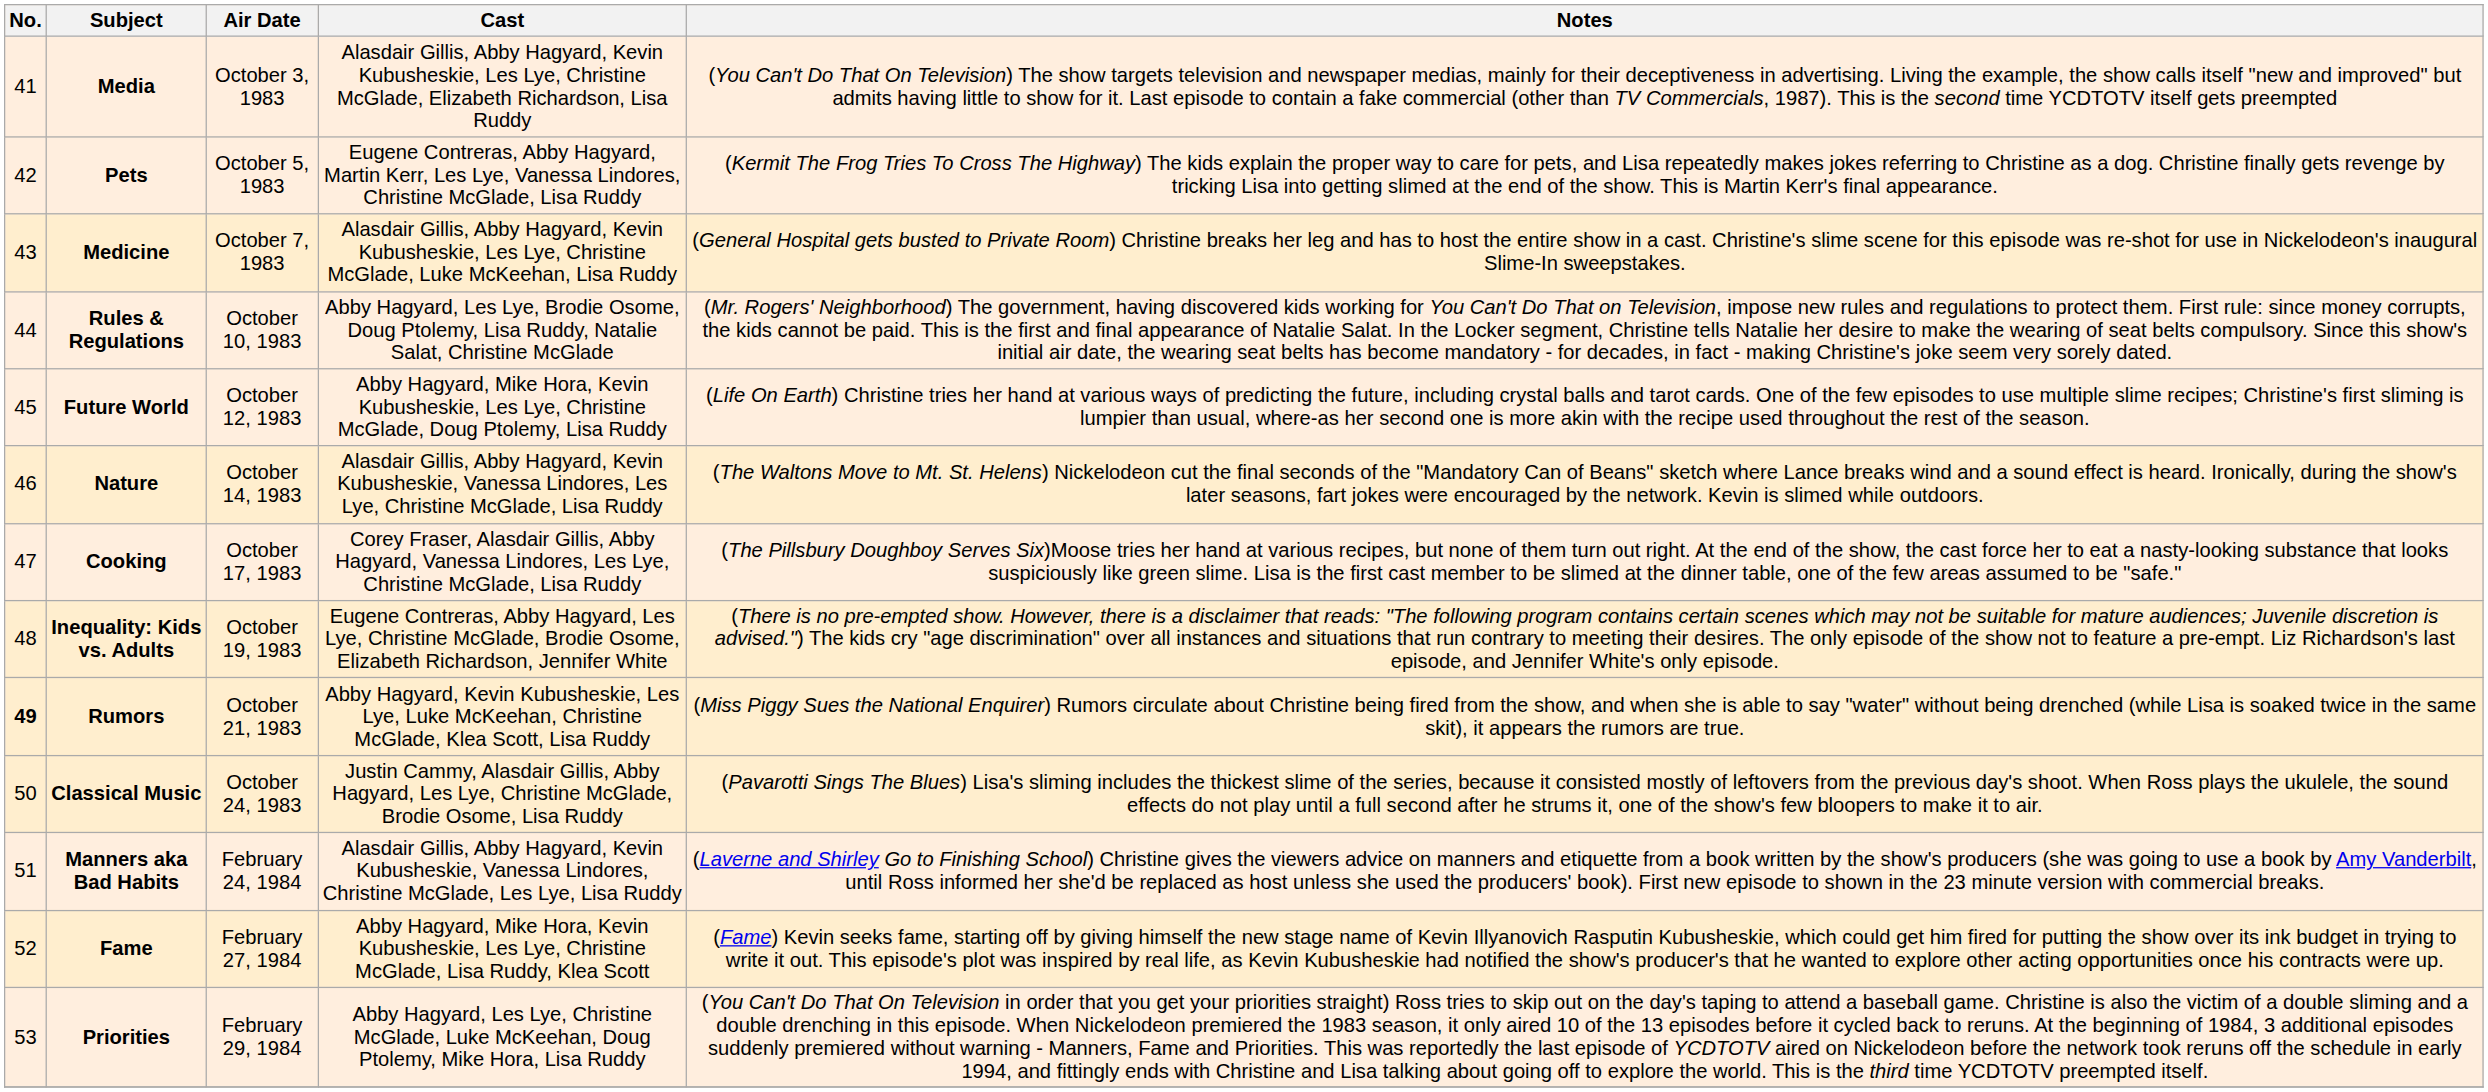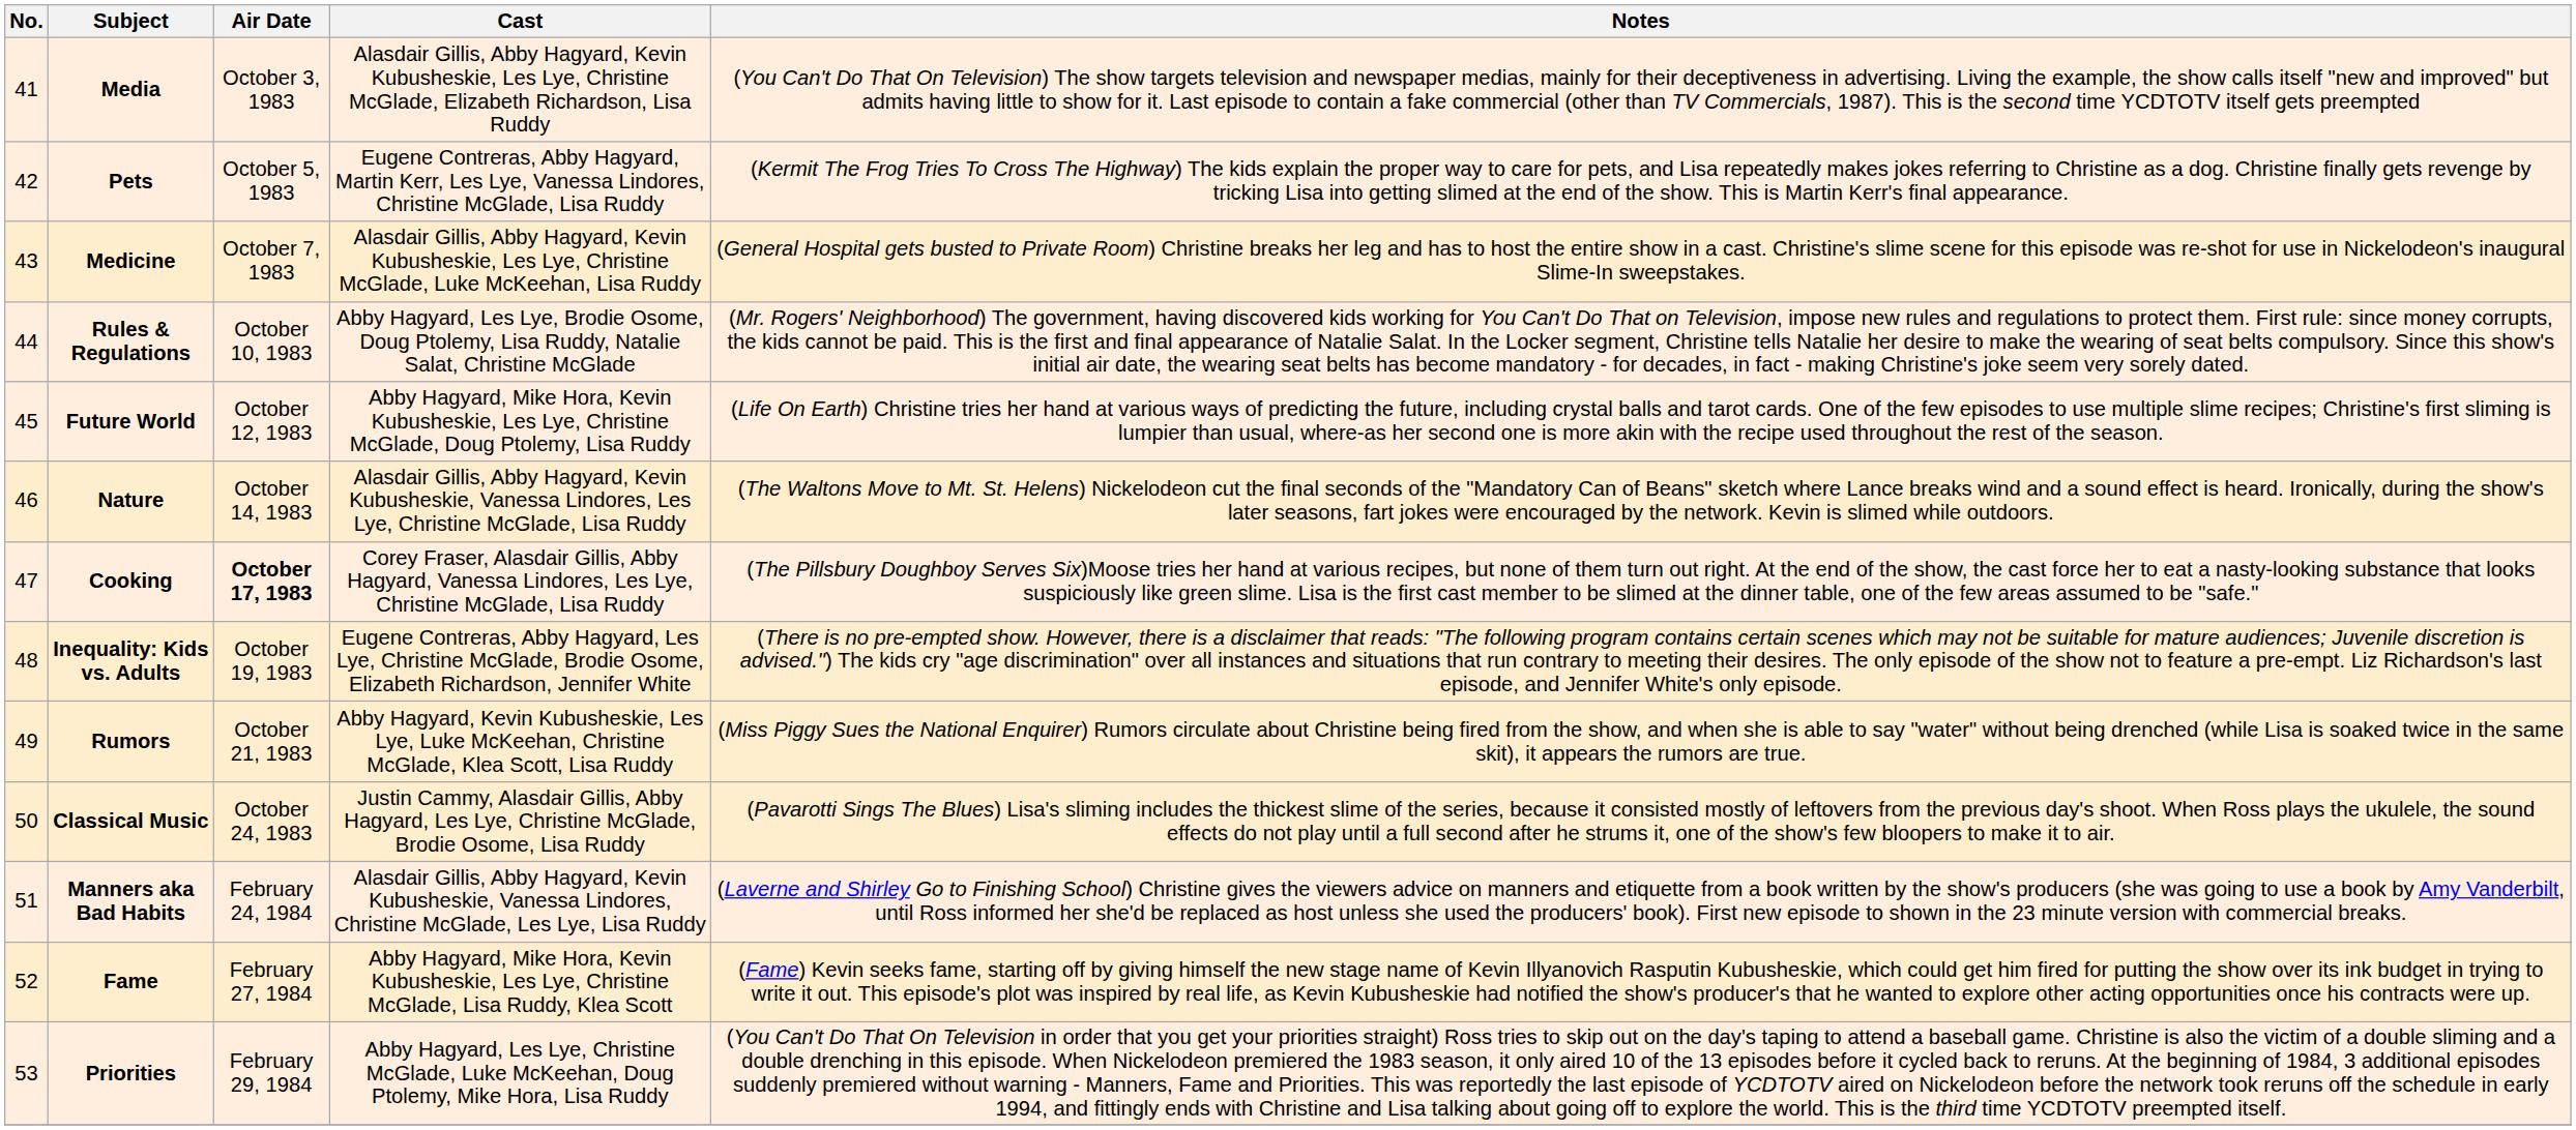 <table class="wikitable" style="text-align:center; background:#FFEEDE">
 <tr>
 <th>No.</th>
 <th>Subject</th>
 <th>Air Date</th>
 <th>Cast</th>
 <th>Notes</th>
 </tr>
 <tr>
 <td>41</td>
 <td><strong>Media</strong></td>
 <td>October 3, 1983</td>
 <td>Alasdair Gillis, Abby Hagyard, Kevin Kubusheskie, Les Lye, Christine McGlade, Elizabeth Richardson, Lisa Ruddy</td>
 <td>(<em>You Can't Do That On Television</em>) The show targets television and newspaper medias, mainly for their deceptiveness in advertising. Living the example, the show calls itself "new and improved" but admits having little to show for it. Last episode to contain a fake commercial (other than <em>TV Commercials</em>, 1987). This is the <em>second</em> time YCDTOTV itself gets preempted</td>
 </tr>
 <tr>
 <td>42</td>
 <td><strong>Pets</strong></td>
 <td>October 5, 1983</td>
 <td>Eugene Contreras, Abby Hagyard, Martin Kerr, Les Lye, Vanessa Lindores, Christine McGlade, Lisa Ruddy</td>
 <td>(<em>Kermit The Frog Tries To Cross The Highway</em>) The kids explain the proper way to care for pets, and Lisa repeatedly makes jokes referring to Christine as a dog. Christine finally gets revenge by tricking Lisa into getting slimed at the end of the show. This is Martin Kerr's final appearance.</td>
 </tr>
 <tr bgcolor="FFEECE">
 <td>43</td>
 <td><strong>Medicine</strong></td>
 <td>October 7, 1983</td>
 <td>Alasdair Gillis, Abby Hagyard, Kevin Kubusheskie, Les Lye, Christine McGlade, Luke McKeehan, Lisa Ruddy</td>
 <td>(<em>General Hospital gets busted to Private Room</em>) Christine breaks her leg and has to host the entire show in a cast. Christine's slime scene for this episode was re-shot for use in Nickelodeon's inaugural Slime-In sweepstakes.</td>
 </tr>
 <tr>
 <td>44</td>
 <td><strong>Rules & Regulations</strong></td>
 <td>October 10, 1983</td>
 <td>Abby Hagyard, Les Lye, Brodie Osome, Doug Ptolemy, Lisa Ruddy, Natalie Salat, Christine McGlade</td>
 <td>(<em>Mr. Rogers' Neighborhood</em>) The government, having discovered kids working for <em>You Can't Do That on Television</em>, impose new rules and regulations to protect them. First rule: since money corrupts, the kids cannot be paid.  This is the first and final appearance of Natalie Salat. In the Locker segment, Christine tells Natalie her desire to make the wearing of seat belts compulsory. Since this show's initial air date, the wearing seat belts has become mandatory - for decades, in fact - making Christine's joke seem very sorely dated.</td>
 </tr>
 <tr>
 <td>45</td>
 <td><strong>Future World</strong></td>
 <td>October 12, 1983</td>
 <td>Abby Hagyard, Mike Hora, Kevin Kubusheskie, Les Lye, Christine McGlade, Doug Ptolemy, Lisa Ruddy</td>
 <td>(<em>Life On Earth</em>) Christine tries her hand at various ways of predicting the future, including crystal balls and tarot cards. One of the few episodes to use multiple slime recipes; Christine's first sliming is lumpier than usual, where-as her second one is more akin with the recipe used throughout the rest of the season.</td>
 </tr>
 <tr bgcolor="FFEECE">
 <td>46</td>
 <td><strong>Nature</strong></td>
 <td>October 14, 1983</td>
 <td>Alasdair Gillis, Abby Hagyard, Kevin Kubusheskie, Vanessa Lindores, Les Lye, Christine McGlade, Lisa Ruddy</td>
 <td>(<em>The Waltons Move to Mt. St. Helens</em>) Nickelodeon cut the final seconds of the "Mandatory Can of Beans" sketch where Lance breaks wind and a sound effect is heard. Ironically, during the show's later seasons, fart jokes were encouraged by the network. Kevin is slimed while outdoors.</td>
 </tr>
 <tr>
 <td>47</td>
 <td><strong>Cooking</strong></td>
-<td>October 17, 1983</td>
+<td><strong>October 17, 1983</strong></td>
 <td>Corey Fraser, Alasdair Gillis, Abby Hagyard, Vanessa Lindores, Les Lye, Christine McGlade, Lisa Ruddy</td>
 <td>(<em>The Pillsbury Doughboy Serves Six</em>)Moose tries her hand at various recipes, but none of them turn out right. At the end of the show, the cast force her to eat a nasty-looking substance that looks suspiciously like green slime. Lisa is the first cast member to be slimed at the dinner table, one of the few areas assumed to be "safe."</td>
 </tr>
 <tr bgcolor="FFEECE">
 <td>48</td>
 <td><strong>Inequality: Kids vs. Adults</strong></td>
 <td>October 19, 1983</td>
 <td>Eugene Contreras, Abby Hagyard, Les Lye, Christine McGlade, Brodie Osome, Elizabeth Richardson, Jennifer White</td>
 <td>(<em>There is no pre-empted show. However, there is a disclaimer that reads: "The following program contains certain scenes which may not be suitable for mature audiences; Juvenile discretion is advised."</em>) The kids cry "age discrimination" over all instances and situations that run contrary to meeting their desires. The only episode of the show not to feature a pre-empt. Liz Richardson's last episode, and Jennifer White's only episode.</td>
 </tr>
 <tr bgcolor="FFEECE">
-<td><strong>49</strong></td>
+<td>49</td>
 <td><strong>Rumors</strong></td>
 <td>October 21, 1983</td>
 <td>Abby Hagyard, Kevin Kubusheskie, Les Lye, Luke McKeehan, Christine McGlade, Klea Scott, Lisa Ruddy</td>
 <td>(<em>Miss Piggy Sues the National Enquirer</em>) Rumors circulate about Christine being fired from the show, and when she is able to say "water" without being drenched (while Lisa is soaked twice in the same skit), it appears the rumors are true.</td>
 </tr>
 <tr bgcolor="FFEECE">
 <td>50</td>
 <td><strong>Classical Music</strong></td>
 <td>October 24, 1983</td>
 <td>Justin Cammy, Alasdair Gillis, Abby Hagyard, Les Lye, Christine McGlade, Brodie Osome, Lisa Ruddy</td>
 <td>(<em>Pavarotti Sings The Blues</em>) Lisa's sliming includes the thickest slime of the series, because it consisted mostly of leftovers from the previous day's shoot. When Ross plays the ukulele, the sound effects do not play until a full second after he strums it, one of the show's few bloopers to make it to air.</td>
 </tr>
 <tr>
 <td>51</td>
 <td><strong>Manners aka Bad Habits</strong></td>
 <td>February 24, 1984</td>
 <td>Alasdair Gillis, Abby Hagyard, Kevin Kubusheskie, Vanessa Lindores, Christine McGlade, Les Lye, Lisa Ruddy</td>
 <td>(<em><a href='#'>Laverne and Shirley</a> Go to Finishing School</em>) Christine gives the viewers advice on manners and etiquette from a book written by the show's producers (she was going to use a book by <a href='#'>Amy Vanderbilt</a>, until Ross informed her she'd be replaced as host unless she used the producers' book). First new episode to shown in the 23 minute version with commercial breaks.</td>
 </tr>
 <tr bgcolor="FFEECE">
 <td>52</td>
 <td><strong>Fame</strong></td>
 <td>February 27, 1984</td>
 <td>Abby Hagyard, Mike Hora, Kevin Kubusheskie, Les Lye, Christine McGlade, Lisa Ruddy, Klea Scott</td>
 <td>(<em><a href='#'>Fame</a></em>) Kevin seeks fame, starting off by giving himself the new stage name of Kevin Illyanovich Rasputin Kubusheskie, which could get him fired for putting the show over its ink budget in trying to write it out. This episode's plot was inspired by real life, as Kevin Kubusheskie had notified the show's producer's that he wanted to explore other acting opportunities once his contracts were up.</td>
 </tr>
 <tr>
 <td>53</td>
 <td><strong>Priorities</strong></td>
 <td>February 29, 1984</td>
 <td>Abby Hagyard, Les Lye, Christine McGlade, Luke McKeehan, Doug Ptolemy, Mike Hora, Lisa Ruddy</td>
 <td>(<em>You Can't Do That On Television</em> in order that you get your priorities straight) Ross tries to skip out on the day's taping to attend a baseball game. Christine is also the victim of a double sliming and a double drenching in this episode. When Nickelodeon premiered the 1983 season, it only aired 10 of the 13 episodes before it cycled back to reruns. At the beginning of 1984, 3 additional episodes suddenly premiered without warning - Manners, Fame and Priorities. This was reportedly the last episode of <em>YCDTOTV</em> aired on Nickelodeon before the network took reruns off the schedule in early 1994, and fittingly ends with Christine and Lisa talking about going off to explore the world. This is the <em>third</em> time YCDTOTV preempted itself.</td>
 </tr>
 <tr bgcolor="FFEECE">
 </tr>
 </table>
